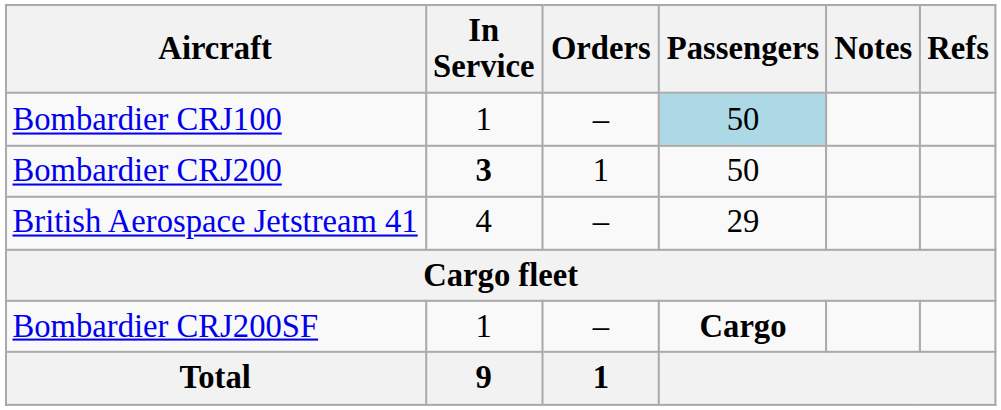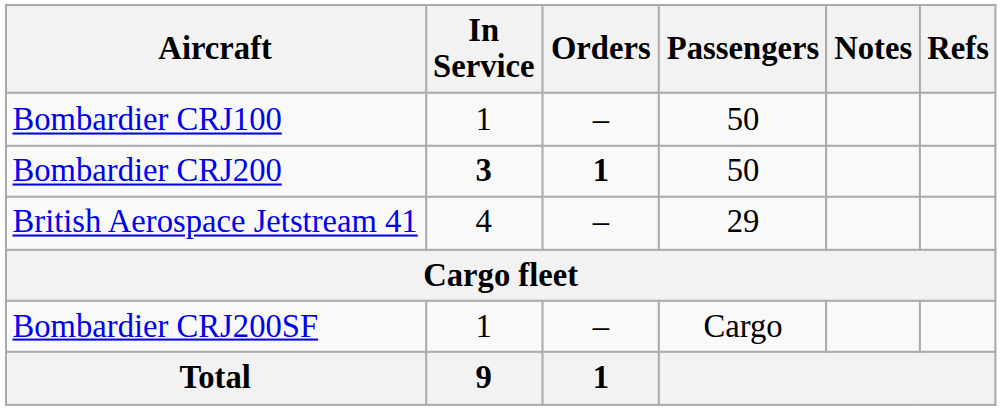 <table class="wikitable" style="margin:1em auto;">
 <tr>
 <th>Aircraft</th>
 <th style="width:50px;">In Service</th>
 <th style="width:50px;">Orders</th>
 <th>Passengers</th>
 <th>Notes</th>
 <th>Refs</th>
 </tr>
 <tr>
 <td><a href='#'>Bombardier CRJ100</a></td>
 <td align=center>1</td>
 <td align=center>–</td>
-<td align=center style="background: lightblue;">50</td>
+<td align=center>50</td>
 <td></td>
 <td align=center></td>
 </tr>
 <tr>
 <td><a href='#'>Bombardier CRJ200</a></td>
 <td align=center><strong>3</strong></td>
-<td align=center>1</td>
+<td align=center><strong>1</strong></td>
 <td align=center>50</td>
 <td></td>
 <td align=center></td>
 </tr>
 <tr>
 <td><a href='#'>British Aerospace Jetstream 41</a></td>
 <td align=center>4</td>
 <td align=center>–</td>
 <td align=center>29</td>
 <td></td>
 <td align=center></td>
 </tr>
 <tr>
 <th colspan="6">Cargo fleet</th>
 </tr>
 <tr>
 <td><a href='#'>Bombardier CRJ200SF</a></td>
 <td align=center>1</td>
 <td align=center>–</td>
-<td align=center><strong>Cargo</strong></td>
+<td align=center>Cargo</td>
 <td></td>
 <td></td>
 </tr>
 <tr>
 <th>Total</th>
 <th>9</th>
 <th>1</th>
 <th colspan="3"></th>
 </tr>
 </table>
